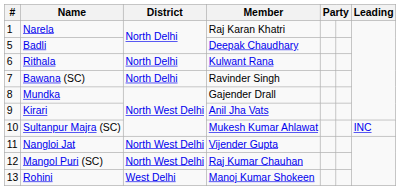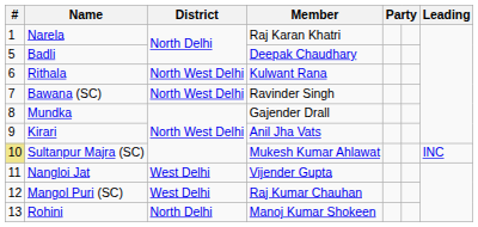 <table class="wikitable sortable">
 <tr>
 <th>#</th>
 <th>Name</th>
 <th>District</th>
 <th>Member</th>
 <th colspan="2">Party</th>
 <th colspan="2">Leading<br></th>
 </tr>
 <tr>
 <td>1</td>
 <td><a href='#'>Narela</a></td>
 <td rowspan="2"><a href='#'>North Delhi</a></td>
 <td>Raj Karan Khatri</td>
 <td></td>
 <td></td>
 </tr>
 <tr>
 <td>5</td>
 <td><a href='#'>Badli</a></td>
 <td><a href='#'>Deepak Chaudhary</a></td>
 <td></td>
 <td></td>
 </tr>
 <tr>
 <td>6</td>
 <td><a href='#'>Rithala</a></td>
-<td><a href='#'>North Delhi</a></td>
+<td><a href='#'>North West Delhi</a></td>
 <td><a href='#'>Kulwant Rana</a></td>
 <td></td>
 <td></td>
 </tr>
 <tr>
 <td>7</td>
 <td><a href='#'>Bawana</a> (SC)</td>
-<td><a href='#'>North Delhi</a></td>
+<td><a href='#'>North West Delhi</a></td>
 <td>Ravinder Singh</td>
 <td></td>
 <td></td>
 </tr>
 <tr>
 <td>8</td>
 <td><a href='#'>Mundka</a></td>
 <td rowspan="3"><a href='#'>North West Delhi</a></td>
 <td>Gajender Drall</td>
 <td></td>
 <td></td>
 </tr>
 <tr>
 <td>9</td>
 <td><a href='#'>Kirari</a></td>
 <td><a href='#'>Anil Jha Vats</a></td>
 <td></td>
 <td></td>
 </tr>
 <tr>
-<td>10</td>
+<td style="background: khaki;">10</td>
 <td><a href='#'>Sultanpur Majra</a> (SC)</td>
 <td><a href='#'>Mukesh Kumar Ahlawat</a></td>
 <td></td>
 <td style="background-color:"></td>
 <td><a href='#'>INC</a></td>
 </tr>
 <tr>
 <td>11</td>
 <td><a href='#'>Nangloi Jat</a></td>
-<td><a href='#'>North West Delhi</a></td>
+<td><a href='#'>West Delhi</a></td>
 <td><a href='#'>Vijender Gupta</a></td>
 <td></td>
 <td></td>
 </tr>
 <tr>
 <td>12</td>
 <td><a href='#'>Mangol Puri</a> (SC)</td>
-<td><a href='#'>North West Delhi</a></td>
+<td><a href='#'>West Delhi</a></td>
 <td><a href='#'>Raj Kumar Chauhan</a></td>
 <td></td>
 <td></td>
 </tr>
 <tr>
 <td>13</td>
 <td><a href='#'>Rohini</a></td>
-<td><a href='#'>West Delhi</a></td>
+<td><a href='#'>North Delhi</a></td>
 <td><a href='#'>Manoj Kumar Shokeen</a></td>
 <td></td>
 <td></td>
 </tr>
 </table>
